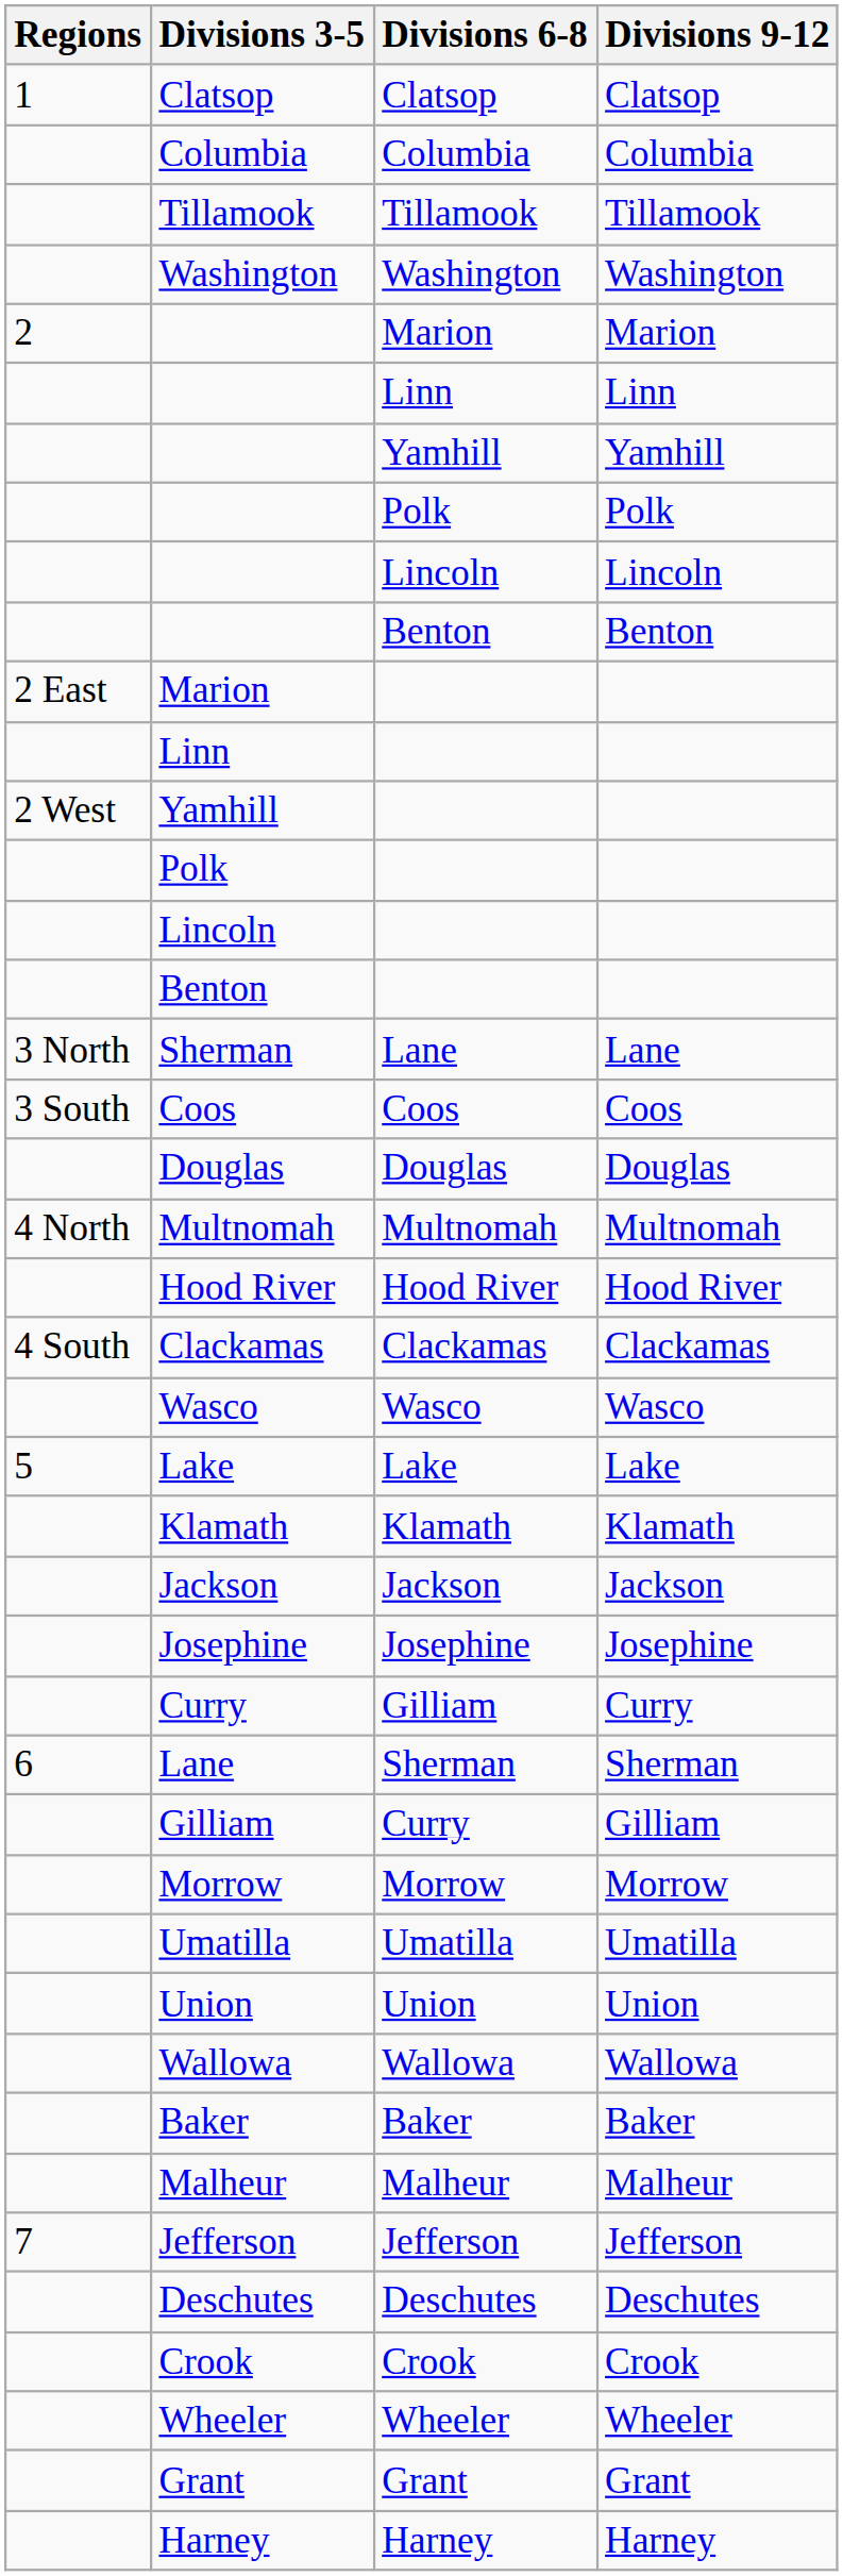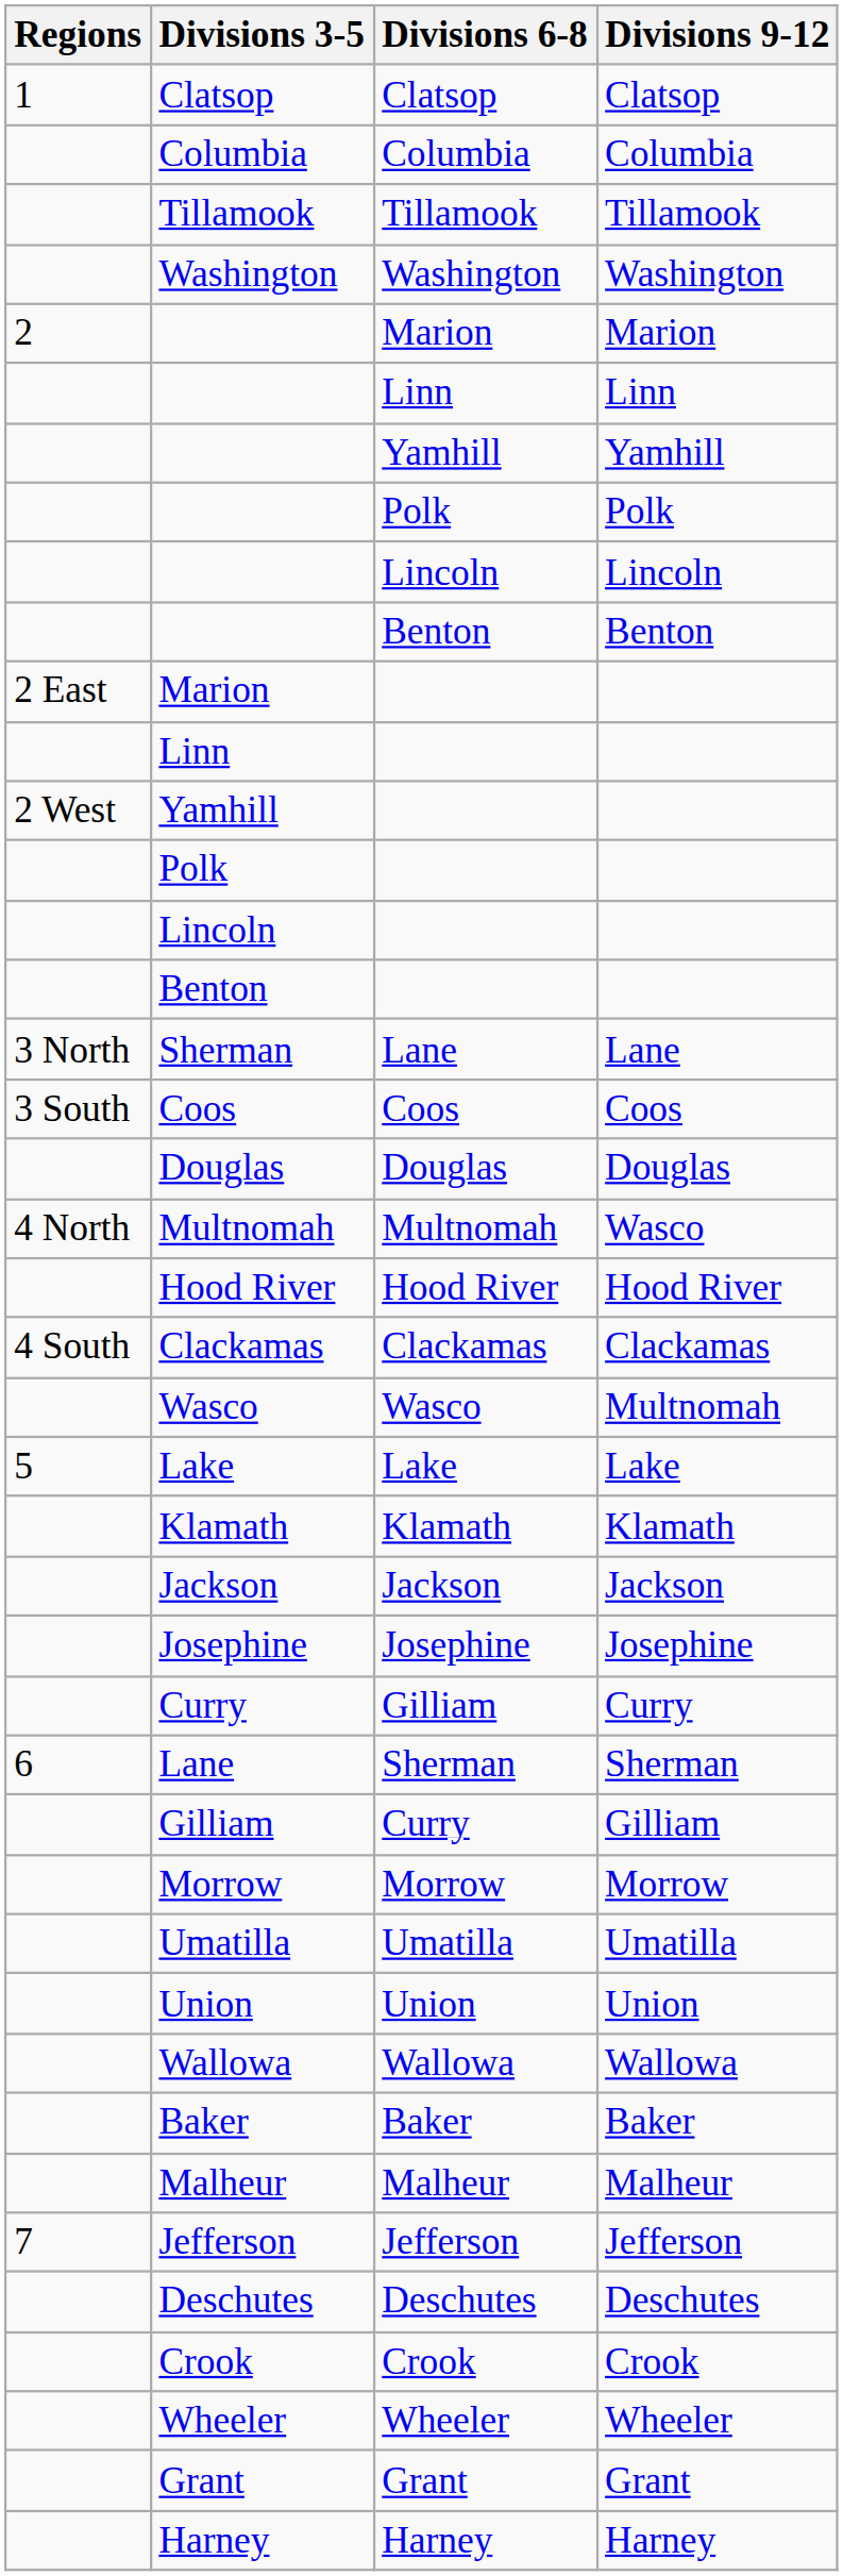 <table class="wikitable">
 <tr>
 <th>Regions</th>
 <th>Divisions 3-5</th>
 <th>Divisions 6-8</th>
 <th>Divisions 9-12</th>
 </tr>
 <tr>
 <td>1</td>
 <td><a href='#'>Clatsop</a></td>
 <td><a href='#'>Clatsop</a></td>
 <td><a href='#'>Clatsop</a></td>
 </tr>
 <tr>
 <td></td>
 <td><a href='#'>Columbia</a></td>
 <td><a href='#'>Columbia</a></td>
 <td><a href='#'>Columbia</a></td>
 </tr>
 <tr>
 <td></td>
 <td><a href='#'>Tillamook</a></td>
 <td><a href='#'>Tillamook</a></td>
 <td><a href='#'>Tillamook</a></td>
 </tr>
 <tr>
 <td></td>
 <td><a href='#'>Washington</a></td>
 <td><a href='#'>Washington</a></td>
 <td><a href='#'>Washington</a></td>
 </tr>
 <tr>
 <td>2</td>
 <td></td>
 <td><a href='#'>Marion</a></td>
 <td><a href='#'>Marion</a></td>
 </tr>
 <tr>
 <td></td>
 <td></td>
 <td><a href='#'>Linn</a></td>
 <td><a href='#'>Linn</a></td>
 </tr>
 <tr>
 <td></td>
 <td></td>
 <td><a href='#'>Yamhill</a></td>
 <td><a href='#'>Yamhill</a></td>
 </tr>
 <tr>
 <td></td>
 <td></td>
 <td><a href='#'>Polk</a></td>
 <td><a href='#'>Polk</a></td>
 </tr>
 <tr>
 <td></td>
 <td></td>
 <td><a href='#'>Lincoln</a></td>
 <td><a href='#'>Lincoln</a></td>
 </tr>
 <tr>
 <td></td>
 <td></td>
 <td><a href='#'>Benton</a></td>
 <td><a href='#'>Benton</a></td>
 </tr>
 <tr>
 <td>2 East</td>
 <td><a href='#'>Marion</a></td>
 <td></td>
 <td></td>
 </tr>
 <tr>
 <td></td>
 <td><a href='#'>Linn</a></td>
 <td></td>
 <td></td>
 </tr>
 <tr>
 <td>2 West</td>
 <td><a href='#'>Yamhill</a></td>
 <td></td>
 <td></td>
 </tr>
 <tr>
 <td></td>
 <td><a href='#'>Polk</a></td>
 <td></td>
 <td></td>
 </tr>
 <tr>
 <td></td>
 <td><a href='#'>Lincoln</a></td>
 <td></td>
 <td></td>
 </tr>
 <tr>
 <td></td>
 <td><a href='#'>Benton</a></td>
 <td></td>
 <td></td>
 </tr>
 <tr>
 <td>3 North</td>
 <td><a href='#'>Sherman</a></td>
 <td><a href='#'>Lane</a></td>
 <td><a href='#'>Lane</a></td>
 </tr>
 <tr>
 <td>3 South</td>
 <td><a href='#'>Coos</a></td>
 <td><a href='#'>Coos</a></td>
 <td><a href='#'>Coos</a></td>
 </tr>
 <tr>
 <td></td>
 <td><a href='#'>Douglas</a></td>
 <td><a href='#'>Douglas</a></td>
 <td><a href='#'>Douglas</a></td>
 </tr>
 <tr>
 <td>4 North</td>
 <td><a href='#'>Multnomah</a></td>
 <td><a href='#'>Multnomah</a></td>
-<td><a href='#'>Multnomah</a></td>
+<td><a href='#'>Wasco</a></td>
 </tr>
 <tr>
 <td></td>
 <td><a href='#'>Hood River</a></td>
 <td><a href='#'>Hood River</a></td>
 <td><a href='#'>Hood River</a></td>
 </tr>
 <tr>
 <td>4 South</td>
 <td><a href='#'>Clackamas</a></td>
 <td><a href='#'>Clackamas</a></td>
 <td><a href='#'>Clackamas</a></td>
 </tr>
 <tr>
 <td></td>
 <td><a href='#'>Wasco</a></td>
 <td><a href='#'>Wasco</a></td>
-<td><a href='#'>Wasco</a></td>
+<td><a href='#'>Multnomah</a></td>
 </tr>
 <tr>
 <td>5</td>
 <td><a href='#'>Lake</a></td>
 <td><a href='#'>Lake</a></td>
 <td><a href='#'>Lake</a></td>
 </tr>
 <tr>
 <td></td>
 <td><a href='#'>Klamath</a></td>
 <td><a href='#'>Klamath</a></td>
 <td><a href='#'>Klamath</a></td>
 </tr>
 <tr>
 <td></td>
 <td><a href='#'>Jackson</a></td>
 <td><a href='#'>Jackson</a></td>
 <td><a href='#'>Jackson</a></td>
 </tr>
 <tr>
 <td></td>
 <td><a href='#'>Josephine</a></td>
 <td><a href='#'>Josephine</a></td>
 <td><a href='#'>Josephine</a></td>
 </tr>
 <tr>
 <td></td>
 <td><a href='#'>Curry</a></td>
 <td><a href='#'>Gilliam</a></td>
 <td><a href='#'>Curry</a></td>
 </tr>
 <tr>
 <td>6</td>
 <td><a href='#'>Lane</a></td>
 <td><a href='#'>Sherman</a></td>
 <td><a href='#'>Sherman</a></td>
 </tr>
 <tr>
 <td></td>
 <td><a href='#'>Gilliam</a></td>
 <td><a href='#'>Curry</a></td>
 <td><a href='#'>Gilliam</a></td>
 </tr>
 <tr>
 <td></td>
 <td><a href='#'>Morrow</a></td>
 <td><a href='#'>Morrow</a></td>
 <td><a href='#'>Morrow</a></td>
 </tr>
 <tr>
 <td></td>
 <td><a href='#'>Umatilla</a></td>
 <td><a href='#'>Umatilla</a></td>
 <td><a href='#'>Umatilla</a></td>
 </tr>
 <tr>
 <td></td>
 <td><a href='#'>Union</a></td>
 <td><a href='#'>Union</a></td>
 <td><a href='#'>Union</a></td>
 </tr>
 <tr>
 <td></td>
 <td><a href='#'>Wallowa</a></td>
 <td><a href='#'>Wallowa</a></td>
 <td><a href='#'>Wallowa</a></td>
 </tr>
 <tr>
 <td></td>
 <td><a href='#'>Baker</a></td>
 <td><a href='#'>Baker</a></td>
 <td><a href='#'>Baker</a></td>
 </tr>
 <tr>
 <td></td>
 <td><a href='#'>Malheur</a></td>
 <td><a href='#'>Malheur</a></td>
 <td><a href='#'>Malheur</a></td>
 </tr>
 <tr>
 <td>7</td>
 <td><a href='#'>Jefferson</a></td>
 <td><a href='#'>Jefferson</a></td>
 <td><a href='#'>Jefferson</a></td>
 </tr>
 <tr>
 <td></td>
 <td><a href='#'>Deschutes</a></td>
 <td><a href='#'>Deschutes</a></td>
 <td><a href='#'>Deschutes</a></td>
 </tr>
 <tr>
 <td></td>
 <td><a href='#'>Crook</a></td>
 <td><a href='#'>Crook</a></td>
 <td><a href='#'>Crook</a></td>
 </tr>
 <tr>
 <td></td>
 <td><a href='#'>Wheeler</a></td>
 <td><a href='#'>Wheeler</a></td>
 <td><a href='#'>Wheeler</a></td>
 </tr>
 <tr>
 <td></td>
 <td><a href='#'>Grant</a></td>
 <td><a href='#'>Grant</a></td>
 <td><a href='#'>Grant</a></td>
 </tr>
 <tr>
 <td></td>
 <td><a href='#'>Harney</a></td>
 <td><a href='#'>Harney</a></td>
 <td><a href='#'>Harney</a></td>
 </tr>
 </table>
